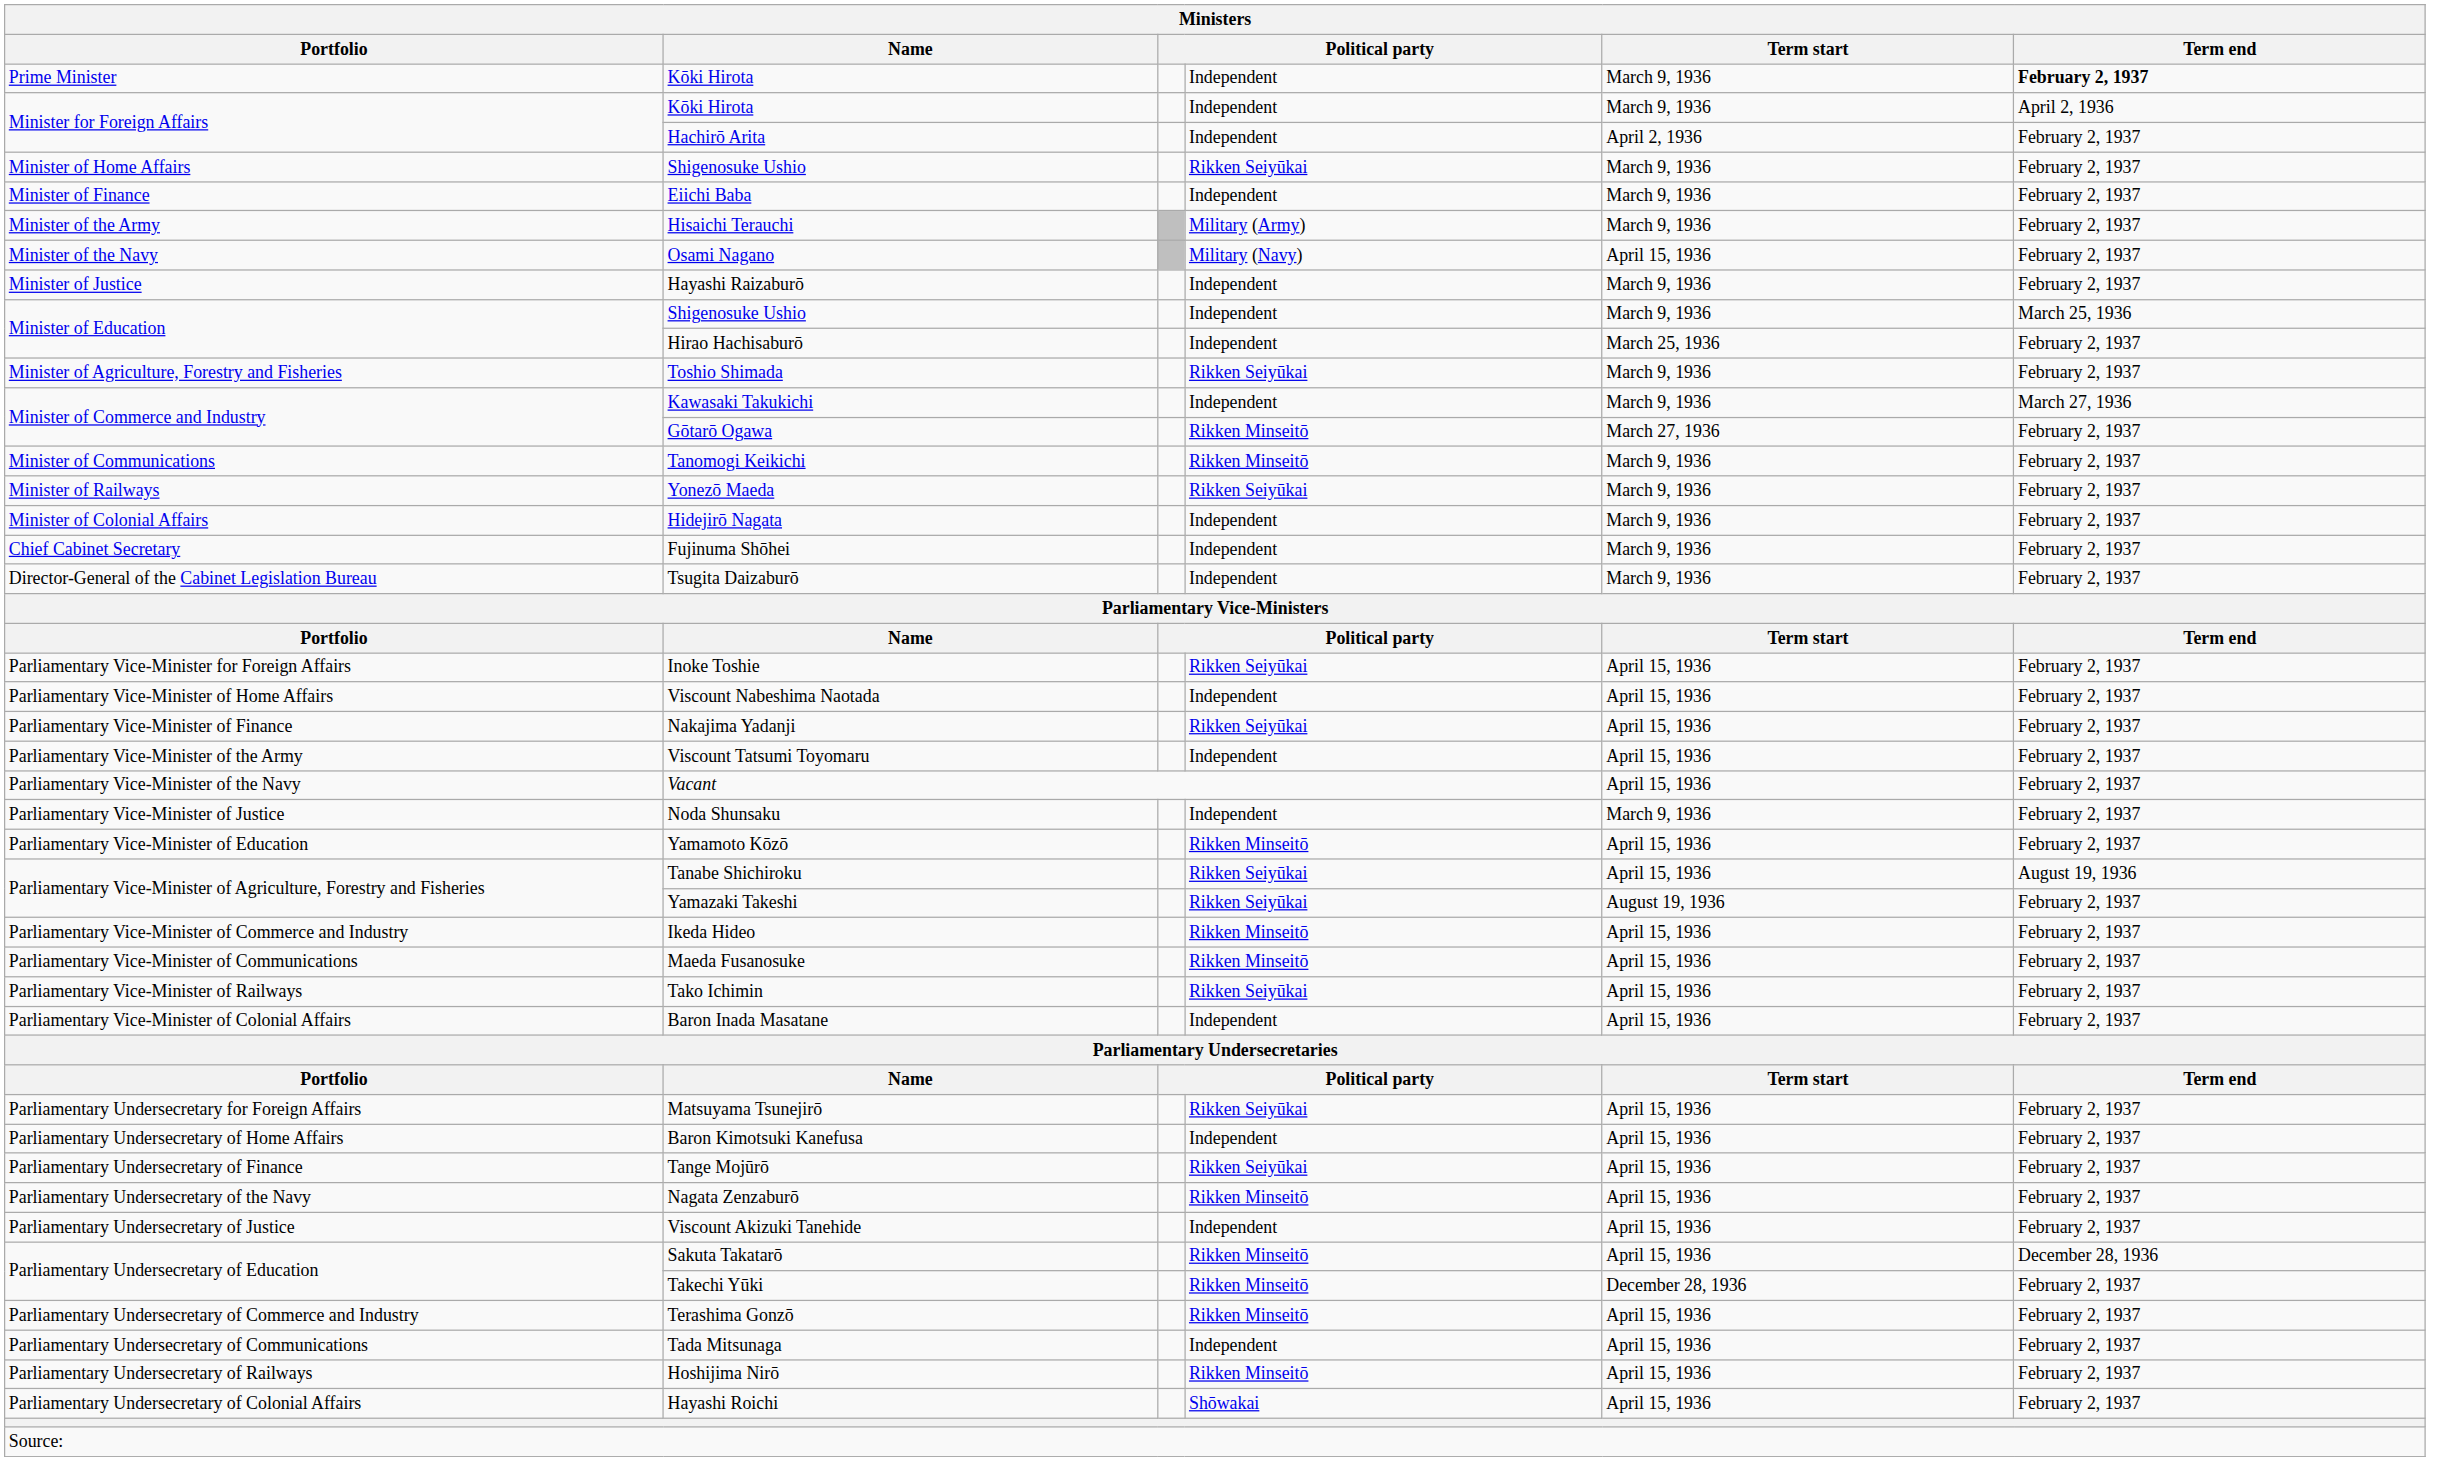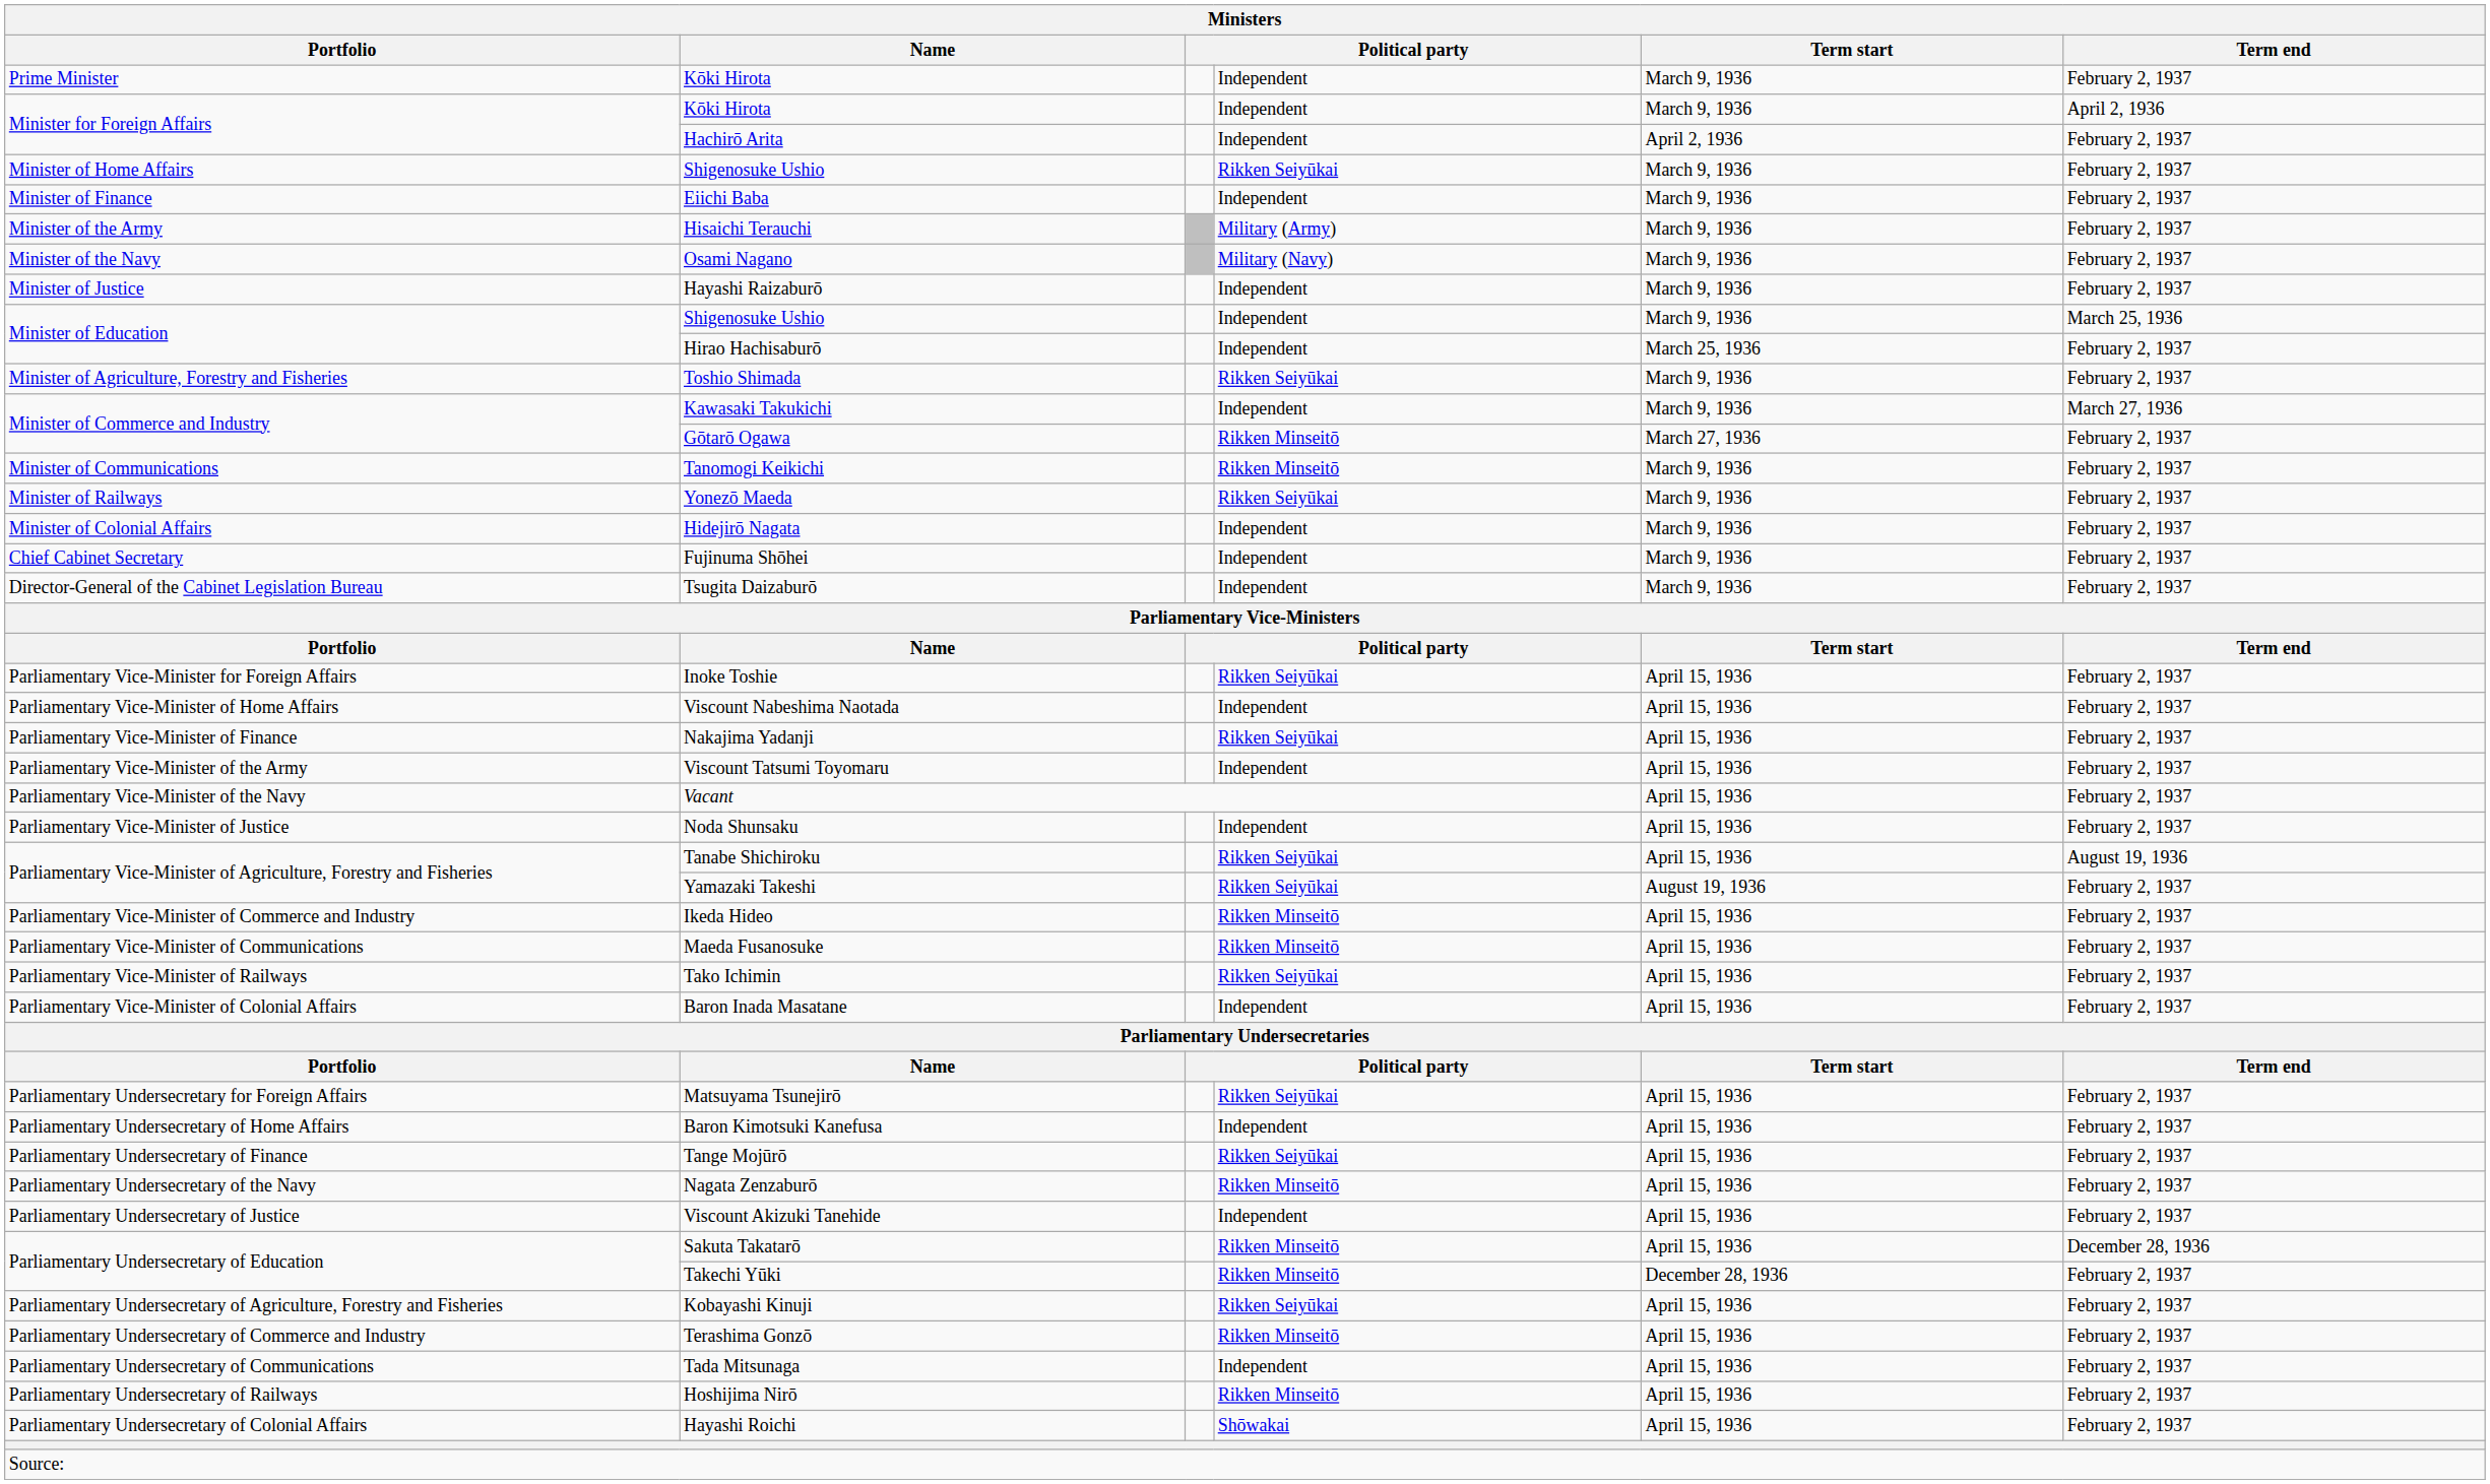 <table class="wikitable unsortable" style="font-size: 90%;">
 <tr>
 <th colspan="6">Ministers</th>
 </tr>
 <tr>
 <th scope="col" width="20%">Portfolio</th>
 <th scope="col" width="15%">Name</th>
 <th colspan="2" scope="col" width="13.5%">Political party</th>
 <th scope="col" width="12.5%">Term start</th>
 <th scope="col" width="12.5%">Term end</th>
 </tr>
 <tr>
 <td style="text-align: left;"><a href='#'>Prime Minister</a></td>
 <td><a href='#'>Kōki Hirota</a></td>
 <td style="color:inherit;background:"></td>
 <td>Independent</td>
 <td>March 9, 1936</td>
-<td><strong>February 2, 1937</strong></td>
+<td>February 2, 1937</td>
 </tr>
 <tr>
 <td rowspan="2"><a href='#'>Minister for Foreign Affairs</a></td>
 <td><a href='#'>Kōki Hirota</a></td>
 <td style="color:inherit;background:"></td>
 <td>Independent</td>
 <td>March 9, 1936</td>
 <td>April 2, 1936</td>
 </tr>
 <tr>
 <td><a href='#'>Hachirō Arita</a></td>
 <td style="color:inherit;background:"></td>
 <td>Independent</td>
 <td>April 2, 1936</td>
 <td>February 2, 1937</td>
 </tr>
 <tr>
 <td><a href='#'>Minister of Home Affairs</a></td>
 <td><a href='#'>Shigenosuke Ushio</a></td>
 <td style="color:inherit;background:"></td>
 <td><a href='#'>Rikken Seiyūkai</a></td>
 <td>March 9, 1936</td>
 <td>February 2, 1937</td>
 </tr>
 <tr>
 <td><a href='#'>Minister of Finance</a></td>
 <td><a href='#'>Eiichi Baba</a></td>
 <td style="color:inherit;background:"></td>
 <td>Independent</td>
 <td>March 9, 1936</td>
 <td>February 2, 1937</td>
 </tr>
 <tr>
 <td><a href='#'>Minister of the Army</a></td>
 <td><a href='#'>Hisaichi Terauchi</a></td>
 <td style="color:inherit;background:#bfbfbf"></td>
 <td><a href='#'>Military</a> (<a href='#'>Army</a>)</td>
 <td>March 9, 1936</td>
 <td>February 2, 1937</td>
 </tr>
 <tr>
 <td><a href='#'>Minister of the Navy</a></td>
 <td><a href='#'>Osami Nagano</a></td>
 <td style="color:inherit;background:#bfbfbf"></td>
 <td><a href='#'>Military</a> (<a href='#'>Navy</a>)</td>
-<td>April 15, 1936</td>
+<td>March 9, 1936</td>
 <td>February 2, 1937</td>
 </tr>
 <tr>
 <td><a href='#'>Minister of Justice</a></td>
 <td>Hayashi Raizaburō</td>
 <td style="color:inherit;background:"></td>
 <td>Independent</td>
 <td>March 9, 1936</td>
 <td>February 2, 1937</td>
 </tr>
 <tr>
 <td rowspan="2"><a href='#'>Minister of Education</a></td>
 <td><a href='#'>Shigenosuke Ushio</a></td>
 <td style="color:inherit;background:"></td>
 <td>Independent</td>
 <td>March 9, 1936</td>
 <td>March 25, 1936</td>
 </tr>
 <tr>
 <td>Hirao Hachisaburō</td>
 <td style="color:inherit;background:"></td>
 <td>Independent</td>
 <td>March 25, 1936</td>
 <td>February 2, 1937</td>
 </tr>
 <tr>
 <td><a href='#'>Minister of Agriculture, Forestry and Fisheries</a></td>
 <td><a href='#'>Toshio Shimada</a></td>
 <td style="color:inherit;background:"></td>
 <td><a href='#'>Rikken Seiyūkai</a></td>
 <td>March 9, 1936</td>
 <td>February 2, 1937</td>
 </tr>
 <tr>
 <td rowspan="2"><a href='#'>Minister of Commerce and Industry</a></td>
 <td><a href='#'>Kawasaki Takukichi</a></td>
 <td style="color:inherit;background:"></td>
 <td>Independent</td>
 <td>March 9, 1936</td>
 <td>March 27, 1936</td>
 </tr>
 <tr>
 <td><a href='#'>Gōtarō Ogawa</a></td>
 <td style="color:inherit;background:"></td>
 <td><a href='#'>Rikken Minseitō</a></td>
 <td>March 27, 1936</td>
 <td>February 2, 1937</td>
 </tr>
 <tr>
 <td><a href='#'>Minister of Communications</a></td>
 <td><a href='#'>Tanomogi Keikichi</a></td>
 <td style="color:inherit;background:"></td>
 <td><a href='#'>Rikken Minseitō</a></td>
 <td>March 9, 1936</td>
 <td>February 2, 1937</td>
 </tr>
 <tr>
 <td><a href='#'>Minister of Railways</a></td>
 <td><a href='#'>Yonezō Maeda</a></td>
 <td style="color:inherit;background:"></td>
 <td><a href='#'>Rikken Seiyūkai</a></td>
 <td>March 9, 1936</td>
 <td>February 2, 1937</td>
 </tr>
 <tr>
 <td><a href='#'>Minister of Colonial Affairs</a></td>
 <td><a href='#'>Hidejirō Nagata</a></td>
 <td style="color:inherit;background:"></td>
 <td>Independent</td>
 <td>March 9, 1936</td>
 <td>February 2, 1937</td>
 </tr>
 <tr>
 <td><a href='#'>Chief Cabinet Secretary</a></td>
 <td>Fujinuma Shōhei</td>
 <td style="color:inherit;background:"></td>
 <td>Independent</td>
 <td>March 9, 1936</td>
 <td>February 2, 1937</td>
 </tr>
 <tr>
 <td>Director-General of the <a href='#'>Cabinet Legislation Bureau</a></td>
 <td>Tsugita Daizaburō</td>
 <td style="color:inherit;background:"></td>
 <td>Independent</td>
 <td>March 9, 1936</td>
 <td>February 2, 1937</td>
 </tr>
 <tr>
 <th colspan="6">Parliamentary Vice-Ministers</th>
 </tr>
 <tr>
 <th>Portfolio</th>
 <th>Name</th>
 <th colspan="2">Political party</th>
 <th>Term start</th>
 <th>Term end</th>
 </tr>
 <tr>
 <td>Parliamentary Vice-Minister for Foreign Affairs</td>
 <td>Inoke Toshie</td>
 <td style="color:inherit;background:"></td>
 <td><a href='#'>Rikken Seiyūkai</a></td>
 <td>April 15, 1936</td>
 <td>February 2, 1937</td>
 </tr>
 <tr>
 <td>Parliamentary Vice-Minister of Home Affairs</td>
 <td>Viscount Nabeshima Naotada</td>
 <td style="color:inherit;background:"></td>
 <td>Independent</td>
 <td>April 15, 1936</td>
 <td>February 2, 1937</td>
 </tr>
 <tr>
 <td>Parliamentary Vice-Minister of Finance</td>
 <td>Nakajima Yadanji</td>
 <td style="color:inherit;background:"></td>
 <td><a href='#'>Rikken Seiyūkai</a></td>
 <td>April 15, 1936</td>
 <td>February 2, 1937</td>
 </tr>
 <tr>
 <td>Parliamentary Vice-Minister of the Army</td>
 <td>Viscount Tatsumi Toyomaru</td>
 <td style="color:inherit;background:"></td>
 <td>Independent</td>
 <td>April 15, 1936</td>
 <td>February 2, 1937</td>
 </tr>
 <tr>
 <td>Parliamentary Vice-Minister of the Navy</td>
 <td colspan="3"><em>Vacant</em></td>
 <td>April 15, 1936</td>
 <td>February 2, 1937</td>
 </tr>
 <tr>
 <td>Parliamentary Vice-Minister of Justice</td>
 <td>Noda Shunsaku</td>
 <td style="color:inherit;background:"></td>
 <td>Independent</td>
-<td>March 9, 1936</td>
-<td>February 2, 1937</td>
-</tr>
-<tr>
-<td>Parliamentary Vice-Minister of Education</td>
-<td>Yamamoto Kōzō</td>
-<td style="color:inherit;background:"></td>
-<td><a href='#'>Rikken Minseitō</a></td>
 <td>April 15, 1936</td>
 <td>February 2, 1937</td>
 </tr>
 <tr>
 <td rowspan="2">Parliamentary Vice-Minister of Agriculture, Forestry and Fisheries</td>
 <td>Tanabe Shichiroku</td>
 <td style="color:inherit;background:"></td>
 <td><a href='#'>Rikken Seiyūkai</a></td>
 <td>April 15, 1936</td>
 <td>August 19, 1936</td>
 </tr>
 <tr>
 <td>Yamazaki Takeshi</td>
 <td style="color:inherit;background:"></td>
 <td><a href='#'>Rikken Seiyūkai</a></td>
 <td>August 19, 1936</td>
 <td>February 2, 1937</td>
 </tr>
 <tr>
 <td>Parliamentary Vice-Minister of Commerce and Industry</td>
 <td>Ikeda Hideo</td>
 <td style="color:inherit;background:"></td>
 <td><a href='#'>Rikken Minseitō</a></td>
 <td>April 15, 1936</td>
 <td>February 2, 1937</td>
 </tr>
 <tr>
 <td>Parliamentary Vice-Minister of Communications</td>
 <td>Maeda Fusanosuke</td>
 <td style="color:inherit;background:"></td>
 <td><a href='#'>Rikken Minseitō</a></td>
 <td>April 15, 1936</td>
 <td>February 2, 1937</td>
 </tr>
 <tr>
 <td>Parliamentary Vice-Minister of Railways</td>
 <td>Tako Ichimin</td>
 <td style="color:inherit;background:"></td>
 <td><a href='#'>Rikken Seiyūkai</a></td>
 <td>April 15, 1936</td>
 <td>February 2, 1937</td>
 </tr>
 <tr>
 <td>Parliamentary Vice-Minister of Colonial Affairs</td>
 <td>Baron Inada Masatane</td>
 <td style="color:inherit;background:"></td>
 <td>Independent</td>
 <td>April 15, 1936</td>
 <td>February 2, 1937</td>
 </tr>
 <tr>
 <th colspan="6">Parliamentary Undersecretaries</th>
 </tr>
 <tr>
 <th>Portfolio</th>
 <th>Name</th>
 <th colspan="2">Political party</th>
 <th>Term start</th>
 <th>Term end</th>
 </tr>
 <tr>
 <td>Parliamentary Undersecretary for Foreign Affairs</td>
 <td>Matsuyama Tsunejirō</td>
 <td style="color:inherit;background:"></td>
 <td><a href='#'>Rikken Seiyūkai</a></td>
 <td>April 15, 1936</td>
 <td>February 2, 1937</td>
 </tr>
 <tr>
 <td>Parliamentary Undersecretary of Home Affairs</td>
 <td>Baron Kimotsuki Kanefusa</td>
 <td style="color:inherit;background:"></td>
 <td>Independent</td>
 <td>April 15, 1936</td>
 <td>February 2, 1937</td>
 </tr>
 <tr>
 <td>Parliamentary Undersecretary of Finance</td>
 <td>Tange Mojūrō</td>
 <td style="color:inherit;background:"></td>
 <td><a href='#'>Rikken Seiyūkai</a></td>
 <td>April 15, 1936</td>
 <td>February 2, 1937</td>
 </tr>
 <tr>
 <td>Parliamentary Undersecretary of the Navy</td>
 <td>Nagata Zenzaburō</td>
 <td style="color:inherit;background:"></td>
 <td><a href='#'>Rikken Minseitō</a></td>
 <td>April 15, 1936</td>
 <td>February 2, 1937</td>
 </tr>
 <tr>
 <td>Parliamentary Undersecretary of Justice</td>
 <td>Viscount Akizuki Tanehide</td>
 <td style="color:inherit;background:"></td>
 <td>Independent</td>
 <td>April 15, 1936</td>
 <td>February 2, 1937</td>
 </tr>
 <tr>
 <td rowspan="2">Parliamentary Undersecretary of Education</td>
 <td>Sakuta Takatarō</td>
 <td style="color:inherit;background:"></td>
 <td><a href='#'>Rikken Minseitō</a></td>
 <td>April 15, 1936</td>
 <td>December 28, 1936</td>
 </tr>
 <tr>
 <td>Takechi Yūki</td>
 <td style="color:inherit;background:"></td>
 <td><a href='#'>Rikken Minseitō</a></td>
 <td>December 28, 1936</td>
 <td>February 2, 1937</td>
 </tr>
 <tr>
+<td>Parliamentary Undersecretary of Agriculture, Forestry and Fisheries</td>
+<td>Kobayashi Kinuji</td>
+<td style="color:inherit;background:"></td>
+<td><a href='#'>Rikken Seiyūkai</a></td>
+<td>April 15, 1936</td>
+<td>February 2, 1937</td>
+</tr>
+<tr>
 <td>Parliamentary Undersecretary of Commerce and Industry</td>
 <td>Terashima Gonzō</td>
 <td style="color:inherit;background:"></td>
 <td><a href='#'>Rikken Minseitō</a></td>
 <td>April 15, 1936</td>
 <td>February 2, 1937</td>
 </tr>
 <tr>
 <td>Parliamentary Undersecretary of Communications</td>
 <td>Tada Mitsunaga</td>
 <td style="color:inherit;background:"></td>
 <td>Independent</td>
 <td>April 15, 1936</td>
 <td>February 2, 1937</td>
 </tr>
 <tr>
 <td>Parliamentary Undersecretary of Railways</td>
 <td>Hoshijima Nirō</td>
 <td style="color:inherit;background:"></td>
 <td><a href='#'>Rikken Minseitō</a></td>
 <td>April 15, 1936</td>
 <td>February 2, 1937</td>
 </tr>
 <tr>
 <td>Parliamentary Undersecretary of Colonial Affairs</td>
 <td>Hayashi Roichi</td>
 <td style="color:inherit;background:"></td>
 <td><a href='#'>Shōwakai</a></td>
 <td>April 15, 1936</td>
 <td>February 2, 1937</td>
 </tr>
 <tr>
 <th colspan="6"></th>
 </tr>
 <tr>
 <td colspan="6">Source:</td>
 </tr>
 </table>
